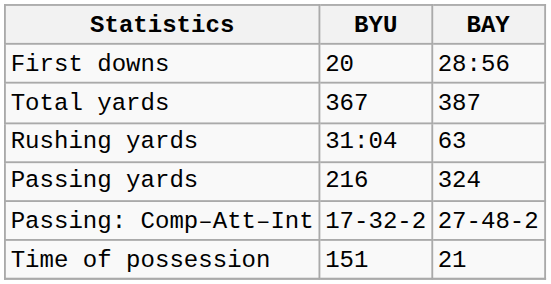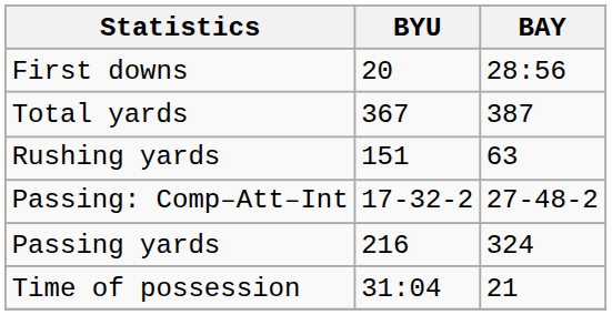 <table class="wikitable" style="float: left;">
 <tr>
 <th>Statistics</th>
 <th>BYU</th>
 <th>BAY</th>
 </tr>
 <tr>
 <td>First downs</td>
 <td>20</td>
 <td>28:56</td>
 </tr>
 <tr>
 <td>Total yards</td>
 <td>367</td>
 <td>387</td>
 </tr>
 <tr>
 <td>Rushing yards</td>
-<td>31:04</td>
+<td>151</td>
 <td>63</td>
+</tr>
+<tr>
+<td>Passing: Comp–Att–Int</td>
+<td>17-32-2</td>
+<td>27-48-2</td>
 </tr>
 <tr>
 <td>Passing yards</td>
 <td>216</td>
 <td>324</td>
 </tr>
 <tr>
-<td>Passing: Comp–Att–Int</td>
-<td>17-32-2</td>
-<td>27-48-2</td>
-</tr>
-<tr>
 <td>Time of possession</td>
-<td>151</td>
+<td>31:04</td>
 <td>21</td>
 </tr>
 <tr>
 </tr>
 </table>
